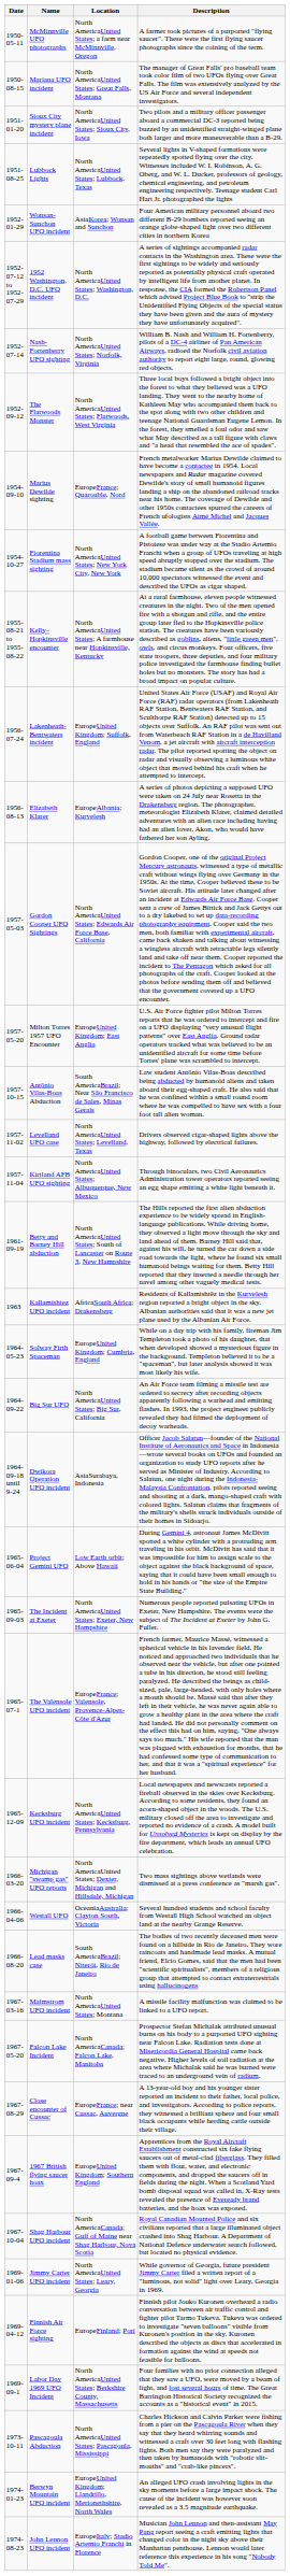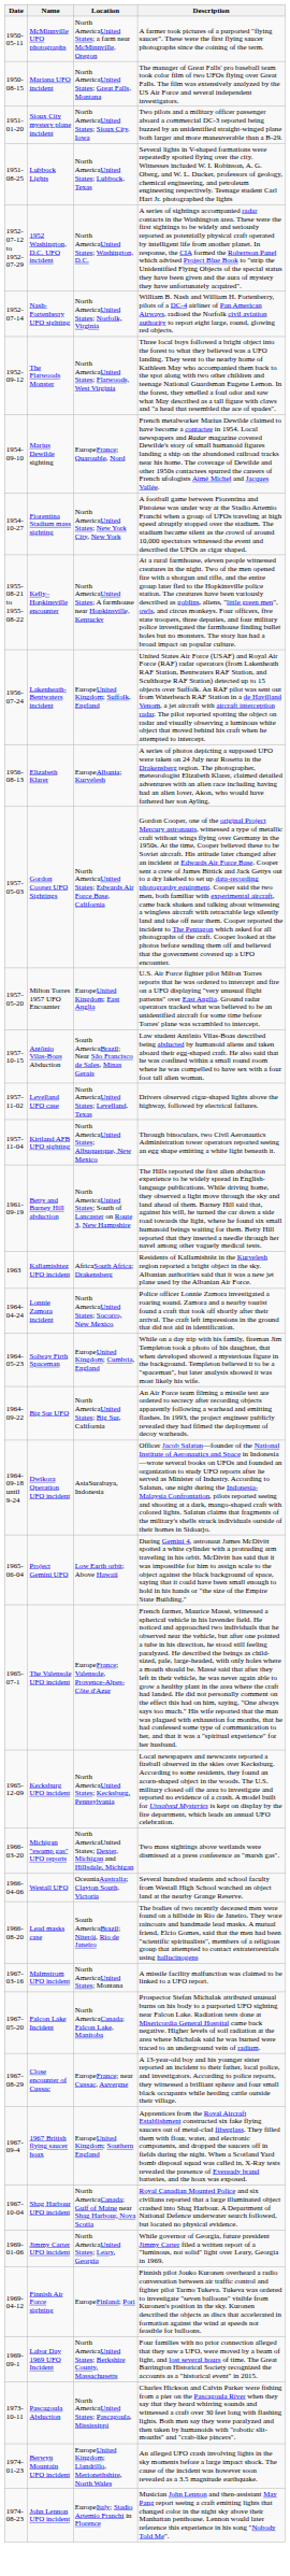 <table class="wikitable sortable mw-datatable sticky-header sort-under-center">
 <tr>
 <th>Date</th>
 <th>Name</th>
 <th>Location</th>
 <th>Description</th>
 </tr>
 <tr>
 <td>1950-<wbr>05-11</td>
 <td><a href='#'>McMinnville UFO photographs</a></td>
 <td><span>North America</span><a href='#'>United States</a>; a farm near <a href='#'>McMinnville, Oregon</a></td>
 <td>A farmer took pictures of a purported "flying saucer". These were the first flying saucer photographs since the coining of the term.</td>
 </tr>
 <tr>
 <td>1950-<wbr>08-15</td>
 <td><a href='#'>Mariana UFO incident</a></td>
 <td><span>North America</span><a href='#'>United States</a>; <a href='#'>Great Falls, Montana</a></td>
 <td>The manager of Great Falls' pro baseball team took color film of two UFOs flying over Great Falls. The film was extensively analyzed by the US Air Force and several independent investigators.</td>
 </tr>
 <tr>
 <td>1951-<wbr>01-20</td>
 <td><a href='#'>Sioux City mystery plane incident</a></td>
 <td><span>North America</span><a href='#'>United States</a>; <a href='#'>Sioux City, Iowa</a></td>
 <td>Two pilots and a military officer passenger aboard a commercial DC-3 reported being buzzed by an unidentified straight-winged plane both larger and more maneuverable than a B-29.</td>
 </tr>
 <tr>
 <td>1951-<wbr>08-25</td>
 <td><a href='#'>Lubbock Lights</a></td>
 <td><span>North America</span><a href='#'>United States</a>; <a href='#'>Lubbock, Texas</a></td>
 <td>Several lights in V-shaped formations were repeatedly spotted flying over the city. Witnesses included W. I. Robinson, A. G. Oberg, and W. L. Ducker, professors of geology, chemical engineering, and petroleum engineering respectively. Teenage student Carl Hart Jr. photographed the lights</td>
-</tr>
-<tr>
-<td>1952-<wbr>01-29</td>
-<td><a href='#'>Wonsan-Sunchon UFO incident</a></td>
-<td><span>Asia</span><a href='#'>Korea</a>;  <a href='#'>Wonsan</a> and <a href='#'>Sunchon</a></td>
-<td>Four American military personnel aboard two different B-29 bombers reported seeing an orange globe-shaped light over two different cities in northern Korea</td>
 </tr>
 <tr>
 <td>1952-<wbr>07-12 to 1952-<wbr>07-29</td>
 <td><a href='#'>1952 Washington, D.C. UFO incident</a></td>
 <td><span>North America</span><a href='#'>United States</a>; <a href='#'>Washington, D.C.</a></td>
 <td>A series of sightings accompanied <a href='#'>radar</a> contacts in the Washington area. These were the first sightings to be widely and seriously reported as potentially physical craft operated by intelligent life from another planet. In response, the <a href='#'>CIA</a> formed the <a href='#'>Robertson Panel</a> which advised <a href='#'>Project Blue Book</a> to "strip the Unidentified Flying Objects of the special status they have been given and the aura of mystery they have unfortunately acquired".</td>
 </tr>
 <tr>
 <td>1952-<wbr>07-14</td>
 <td><a href='#'>Nash-Fortenberry UFO sighting</a></td>
 <td><span>North America</span><a href='#'>United States</a>; <a href='#'>Norfolk, Virginia</a></td>
 <td>William B. Nash and William H. Fortenberry, pilots of a <a href='#'>DC-4</a> airliner of <a href='#'>Pan American Airways</a>, radioed the Norfolk <a href='#'>civil aviation authority</a> to report eight large, round, glowing red objects.</td>
 </tr>
 <tr>
 <td>1952-<wbr>09-12</td>
 <td><a href='#'>The Flatwoods Monster</a></td>
 <td><span>North America</span><a href='#'>United States</a>; <a href='#'>Flatwoods, West Virginia</a></td>
 <td>Three local boys followed a bright object into the forest to what they believed was a UFO landing. They went to the nearby home of Kathleen May who accompanied them back to the spot along with two other children and teenage National Guardsman Eugene Lemon. In the forest, they smelled a foul odor and saw what May described as a tall figure with claws and "a head that resembled the ace of spades".</td>
 </tr>
 <tr>
 <td>1954-<wbr>09-10</td>
 <td><a href='#'>Marius Dewilde</a> sighting</td>
 <td><span>Europe</span><a href='#'>France</a>; <a href='#'>Quarouble</a>, <a href='#'>Nord</a></td>
 <td>French metalworker Marius Dewilde claimed to have become a <a href='#'>contactee</a> in 1954. Local newspapers and <em>Radar</em> magazine covered Dewilde's story of small humanoid figures landing a ship on the abandoned railroad tracks near his home. The coverage of Dewilde and other 1950s contactees spurred the careers of French ufologists <a href='#'>Aimé Michel</a> and <a href='#'>Jacques Vallée</a>.</td>
 </tr>
 <tr>
 <td>1954-<wbr>10-27</td>
 <td><a href='#'>Fiorentina Stadium mass sighting</a></td>
 <td><span>North America</span><a href='#'>United States</a>; <a href='#'>New York City</a>, <a href='#'>New York</a></td>
 <td>A football game between Fiorentina and Pistoiese was under way at the Stadio Artemio Franchi when a group of UFOs traveling at high speed abruptly stopped over the stadium. The stadium became silent as the crowd of around 10,000 spectators witnessed the event and described the UFOs as cigar shaped.</td>
 </tr>
 <tr>
 <td>1955-<wbr>08-21 to 1955-<wbr>08-22</td>
 <td><a href='#'>Kelly–Hopkinsville encounter</a></td>
 <td><span>North America</span><a href='#'>United States</a>; A farmhouse near <a href='#'>Hopkinsville, Kentucky</a></td>
 <td>At a rural farmhouse, eleven people witnessed creatures in the night. Two of the men opened fire with a shotgun and rifle, and the entire group later fled to the Hopkinsville police station. The creatures have been variously described as <a href='#'>goblins</a>, aliens, "<a href='#'>little green men</a>", <a href='#'>owls</a>, and circus monkeys. Four officers, five state troopers, three deputies, and four military police investigated the farmhouse finding bullet holes but no monsters. The story has had a broad impact on popular culture.</td>
 </tr>
 <tr>
 <td>1956-<wbr>07-24</td>
 <td><a href='#'>Lakenheath-Bentwaters incident</a></td>
 <td><span>Europe</span><a href='#'>United Kingdom</a>; <a href='#'>Suffolk</a>, <a href='#'>England</a></td>
 <td>United States Air Force (USAF) and Royal Air Force (RAF) radar operators (from Lakenheath RAF Station, Bentwaters RAF Station, and Sculthorpe RAF Station) detected up to 15 objects over Suffolk. An RAF pilot was sent out from Waterbeach RAF Station in a <a href='#'>de Havilland Venom</a>, a jet aircraft with <a href='#'>aircraft interception radar</a>. The pilot reported spotting the object on radar and visually observing a luminous white object that moved behind his craft when he attempted to intercept.</td>
 </tr>
 <tr>
 <td>1956-<wbr>08-13</td>
 <td><a href='#'>Elizabeth Klarer</a></td>
 <td><span>Europe</span><a href='#'>Albania</a>; <a href='#'>Kurvelesh</a></td>
 <td>A series of photos depicting a supposed UFO were taken on 24 July near Rosetta in the <a href='#'>Drakensberg</a> region. The photographer, meteorologist Elizabeth Klarer, claimed detailed adventures with an alien race including having had an alien lover, Akon, who would have fathered her son Ayling.</td>
 </tr>
 <tr>
 <td>1957-<wbr>05-03</td>
 <td><a href='#'>Gordon Cooper UFO Sightings</a></td>
 <td><span>North America</span><a href='#'>United States</a>; <a href='#'>Edwards Air Force Base</a>, <a href='#'>California</a></td>
 <td><br>Gordon Cooper, one of the <a href='#'>original Project Mercury astronauts</a>, witnessed a type of metallic craft without wings flying over Germany in the 1950s. At the time, Cooper believed these to be Soviet aircraft. His attitude later changed after an incident at <a href='#'>Edwards Air Force Base</a>. Cooper sent a crew of James Bittick and Jack Gettys out to a dry lakebed to set up <a href='#'>data-recording photography equipment</a>. Cooper said the two men, both familiar with <a href='#'>experimental aircraft</a>, came back shaken and talking about witnessing a wingless aircraft with retractable legs silently land and take off near them. Cooper reported the incident to <a href='#'>The Pentagon</a> which asked for all photographs of the craft. Cooper looked at the photos before sending them off and believed that the government covered up a UFO encounter.</td>
 </tr>
 <tr>
 <td>1957-<wbr>05-20</td>
 <td>Milton Torres 1957 UFO Encounter</td>
 <td><span>Europe</span><a href='#'>United Kingdom</a>; <a href='#'>East Anglia</a></td>
 <td>U.S. Air Force fighter pilot Milton Torres reports that he was ordered to intercept and fire on a UFO displaying "very unusual flight patterns" over <a href='#'>East Anglia</a>. Ground radar operators tracked what was believed to be an unidentified aircraft for some time before Torres' plane was scrambled to intercept.</td>
 </tr>
 <tr>
 <td>1957-<wbr>10-15</td>
 <td><a href='#'>Antônio Vilas-Boas</a> Abduction</td>
 <td><span>South America</span><a href='#'>Brazil</a>; Near <a href='#'>São Francisco de Sales</a>, <a href='#'>Minas Gerais</a></td>
 <td>Law student Antônio Vilas-Boas described being <a href='#'>abducted</a> by humanoid aliens and taken aboard their egg-shaped craft. He also said that he was confined within a small round room where he was compelled to have sex with a four foot tall alien woman.</td>
 </tr>
 <tr>
 <td>1957-<wbr>11-02</td>
 <td><a href='#'>Levelland UFO case</a></td>
 <td><span>North America</span><a href='#'>United States</a>; <a href='#'>Levelland, Texas</a></td>
 <td>Drivers observed cigar-shaped lights above the highway, followed by electrical failures.</td>
 </tr>
 <tr>
 <td>1957-<wbr>11-04</td>
 <td><a href='#'>Kirtland AFB UFO sighting</a></td>
 <td><span>North America</span><a href='#'>United States</a>; <a href='#'>Albuquerque, New Mexico</a></td>
 <td>Through binoculars, two Civil Aeronautics Administration tower operators reported seeing an egg shape emitting a white light beneath it.</td>
 </tr>
 <tr>
 <td>1961-<wbr>09-19</td>
 <td><a href='#'>Betty and Barney Hill abduction</a></td>
 <td><span>North America</span><a href='#'>United States</a>; South of <a href='#'>Lancaster</a> on <a href='#'>Route 3</a>, <a href='#'>New Hampshire</a></td>
 <td>The Hills reported the first alien abduction experience to be widely spread in English-language publications. While driving home, they observed a light move through the sky and land ahead of them. Barney Hill said that, against his will, he turned the car down a side road towards the light, where he found six small humanoid beings waiting for them. Betty Hill reported that they inserted a needle through her navel among other vaguely medical tests.</td>
 </tr>
 <tr>
 <td>1963</td>
 <td><a href='#'>Kallamishtez UFO incident</a></td>
 <td><span>Africa</span><a href='#'>South Africa</a>; <a href='#'>Drakensberg</a></td>
 <td>Residents of Kallamishtëz in the <a href='#'>Kurvelesh</a> region reported a bright object in the sky. Albanian authorities said that it was a new jet plane used by the Albanian Air Force.</td>
 </tr>
 <tr>
+<td>1964-<wbr>04-24</td>
+<td><a href='#'>Lonnie Zamora incident</a></td>
+<td><span>North America</span><a href='#'>United States</a>; <a href='#'>Socorro, New Mexico</a></td>
+<td>Police officer Lonnie Zamora investigated a roaring sound. Zamora and a nearby tourist found a craft that took off shortly after their arrival. The craft left impressions in the ground that did not aid in identification.</td>
+</tr>
+<tr>
 <td>1964-<wbr>05-23</td>
 <td><a href='#'>Solway Firth Spaceman</a></td>
 <td><span>Europe</span><a href='#'>United Kingdom</a>; <a href='#'>Cumbria</a>, <a href='#'>England</a></td>
 <td>While on a day trip with his family, fireman Jim Templeton took a photo of his daughter, that when developed showed a mysterious figure in the background. Templeton believed it to be a "spaceman", but later analysis showed it was most likely his wife.</td>
 </tr>
 <tr>
 <td>1964-<wbr>09-22</td>
 <td><a href='#'>Big Sur UFO</a></td>
 <td><span>North America</span><a href='#'>United States</a>; <a href='#'>Big Sur</a>, California</td>
 <td>An Air Force team filming a missile test are ordered to secrecy  after recording objects apparently following a warhead and emitting flashes.   In 1993, the project engineer publicly revealed they had filmed the deployment of decoy warheads.</td>
 </tr>
 <tr>
 <td>1964-<wbr>09-18 until 9-24</td>
 <td><a href='#'>Dwikora Operation UFO incident</a></td>
 <td><span>Asia</span>Surabaya, Indonesia</td>
 <td>Officer <a href='#'>Jacob Salatun</a>—founder of the <a href='#'>National Institute of Aeronautics and Space</a> in Indonesia—wrote several books on UFOs and founded an organization to study UFO reports after he served as Minister of Industry. According to Salatun, one night during the <a href='#'>Indonesia-Malaysia Confrontation</a>, pilots reported seeing and shooting at a dark, mango-shaped craft with colored lights. Salatun claims that fragments of the military's shells struck individuals outside of their homes in Sidoarjo.</td>
 </tr>
 <tr>
 <td>1965-<wbr>06-04</td>
 <td><a href='#'>Project Gemini UFO</a></td>
 <td><a href='#'>Low Earth orbit</a>; Above <a href='#'>Hawaii</a></td>
 <td>During <a href='#'>Gemini 4</a>, astronaut James McDivitt spotted a white cylinder with a protruding arm traveling in his orbit. McDivitt has said that it was impossible for him to assign scale to the object against the black background of space, saying that it could have been small enough to hold in his hands or "the size of the Empire State Building."</td>
-</tr>
-<tr>
-<td>1965-<wbr>09-03</td>
-<td><a href='#'>The Incident at Exeter</a></td>
-<td><span>North America</span><a href='#'>United States</a>; <a href='#'>Exeter, New Hampshire</a></td>
-<td>Numerous people reported pulsating UFOs in Exeter, New Hampshire. The events were the subject of <em>The Incident at Exeter</em> by John G. Fuller.</td>
 </tr>
 <tr>
 <td>1965-<wbr>07-1</td>
 <td><a href='#'>The Valensole UFO incident</a></td>
 <td><span>Europe</span><a href='#'>France</a>; <a href='#'>Valensole</a>, <a href='#'>Provence-Alpes-Côte d'Azur</a></td>
 <td>French farmer, Maurice Massé, witnessed a spherical vehicle in his lavender field. He noticed and approached two individuals that he observed near the vehicle, but after one pointed a tube in his direction, he stood still feeling paralyzed. He described the beings as child-sized, pale, large-headed, with only holes where a mouth should be. Massé said that after they left in their vehicle, he was never again able to grow a healthy plant in the area where the craft had landed. He did not personally comment on the effect this had on him, saying, "One always says too much." His wife reported that the man was plagued with exhaustion for months, that he had confessed some type of communication to her, and that it was a "spiritual experience" for her husband.</td>
 </tr>
 <tr>
 <td>1965-<wbr>12-09</td>
 <td><a href='#'>Kecksburg UFO incident</a></td>
 <td><span>North America</span><a href='#'>United States</a>; <a href='#'>Kecksburg, Pennsylvania</a></td>
 <td>Local newspapers and newscasts reported a fireball observed in the skies over Kecksburg. According to some residents, they found an acorn-shaped object in the woods. The U.S. military closed off the area to investigate and reported no evidence of a crash. A model built for <em><a href='#'>Unsolved Mysteries</a></em> is kept on display by the fire department, which leads an annual UFO celebration.</td>
 </tr>
 <tr>
 <td>1966-<wbr>03-20</td>
 <td><a href='#'>Michigan "swamp gas" UFO reports</a></td>
 <td><span>North America</span>United States; <a href='#'>Dexter, Michigan</a> and <a href='#'>Hillsdale, Michigan</a></td>
 <td>Two mass sightings above wetlands were dismissed at a press conference as "marsh gas".</td>
 </tr>
 <tr>
 <td>1966-<wbr>04-06</td>
 <td><a href='#'>Westall UFO</a></td>
 <td><span>Oceania</span><a href='#'>Australia</a>; <a href='#'>Clayton South, Victoria</a></td>
 <td>Several hundred students and school faculty from Westall High School watched an object land at the nearby Grange Reserve.</td>
 </tr>
 <tr>
 <td>1966-<wbr>08-20</td>
 <td><a href='#'>Lead masks case</a></td>
 <td><span>South America</span><a href='#'>Brazil</a>; <a href='#'>Niterói</a>, <a href='#'>Rio de Janeiro</a></td>
 <td>The bodies of two recently deceased men were found on a hillside in Rio de Janeiro. They wore raincoats and handmade lead masks. A mutual friend, Elcio Gomes, said that the men had been "scientific spiritualists", members of a religious group that attempted to contact extraterrestrials using <a href='#'>hallucinogens</a></td>
 </tr>
 <tr>
 <td>1967-<wbr>03-16</td>
 <td><a href='#'>Malmstrom UFO incident</a></td>
 <td><span>North America</span><a href='#'>United States</a>; Montana</td>
 <td>A missile facility malfunction was claimed to be linked to a UFO report.</td>
 </tr>
 <tr>
 <td>1967-<wbr>05-20</td>
 <td><a href='#'>Falcon Lake Incident</a></td>
 <td><span>North America</span><a href='#'>Canada</a>; <a href='#'>Falcon Lake</a>, <a href='#'>Manitoba</a></td>
 <td>Prospector Stefan Michalak attributed unusual burns on his body to a purported UFO sighting near Falcon Lake. Radiation tests done at <a href='#'>Misericordia General Hospital</a> came back negative. Higher levels of soil radiation at the area where Michalak said he was burned were traced to an underground vein of <a href='#'>radium</a>.</td>
 </tr>
 <tr>
 <td>1967-<wbr>08-29</td>
 <td><a href='#'>Close encounter of Cussac</a></td>
 <td><span>Europe</span><a href='#'>France</a>; near <a href='#'>Cussac</a>, <a href='#'>Auvergne</a></td>
 <td>A 13-year-old boy and his younger sister reported an incident to their father, local police, and investigators. According to police reports, they witnessed a brilliant sphere and four small black occupants while herding cattle outside their village.</td>
 </tr>
 <tr>
 <td>1967-<wbr>09-4</td>
 <td><a href='#'>1967 British flying saucer hoax</a></td>
 <td><span>Europe</span><a href='#'>United Kingdom</a>; <a href='#'>Southern England</a></td>
 <td>Apprentices from the <a href='#'>Royal Aircraft Establishment</a> constructed six fake flying saucers out of metal-clad <a href='#'>fiberglass</a>. They filled them with flour, water, and electronic components, and dropped the saucers off in fields during the night. When a Scotland Yard bomb disposal squad was called in, X-Ray tests revealed the presence of <a href='#'>Eveready brand</a> batteries, and the hoax was exposed.</td>
 </tr>
 <tr>
 <td>1967-<wbr>10-04</td>
 <td><a href='#'>Shag Harbour UFO incident</a></td>
 <td><span>North America</span><a href='#'>Canada</a>; <a href='#'>Gulf of Maine</a> near <a href='#'>Shag Harbour, Nova Scotia</a></td>
 <td><a href='#'>Royal Canadian Mounted Police</a> and six civilians reported that a large illuminated object crashed into Shag Harbour. A Department of National Defence underwater search followed, but located no physical evidence.</td>
 </tr>
 <tr>
 <td>1969-<wbr>01-06</td>
 <td><a href='#'>Jimmy Carter UFO incident</a></td>
 <td><span>North America</span><a href='#'>United States</a>; <a href='#'>Leary, Georgia</a></td>
 <td>While governor of Georgia, future president <a href='#'>Jimmy Carter</a> filed a written report of a "luminous, not solid" light over Leary, Georgia in 1969.</td>
 </tr>
 <tr>
 <td>1969-<wbr>04-12</td>
 <td><a href='#'>Finnish Air Force sighting</a></td>
 <td><span>Europe</span><a href='#'>Finland</a>; <a href='#'>Pori</a></td>
 <td>Finnish pilot Jouko Kuronen overheard a radio conversation between air traffic control and fighter pilot Tarmo Tukeva. Tukeva was ordered to investigate "seven balloons" visible from Kuronen's position in the sky. Kuronen described the objects as discs that accelerated in formation against the wind at speeds not feasible for balloons.</td>
 </tr>
 <tr>
 <td>1969-<wbr>09-1</td>
 <td><a href='#'>Labor Day 1969 UFO Incident</a></td>
 <td><span>North America</span><a href='#'>United States</a>; <a href='#'>Berkshire County, Massachusetts</a></td>
 <td>Four families with no prior connection alleged that they saw a UFO, were moved by a beam of light, and <a href='#'>lost several hours</a> of time. The Great Barrington Historical Society recognized the accounts as a "historical event" in 2015.</td>
 </tr>
 <tr>
 <td>1973-<wbr>10-11</td>
 <td><a href='#'>Pascagoula Abduction</a></td>
 <td><span>North America</span><a href='#'>United States</a>; <a href='#'>Pascagoula</a>, <a href='#'>Mississippi</a></td>
 <td>Charles Hickson and Calvin Parker were fishing from a pier on the <a href='#'>Pascagoula River</a> when they say that they heard whirring sounds and witnessed a craft over 30 feet long with flashing lights. Both men say they were paralyzed and then taken by humanoids with "robotic slit-mouths" and "crab-like pincers".</td>
 </tr>
 <tr>
 <td>1974-<wbr>01-23</td>
 <td><a href='#'>Berwyn Mountain UFO incident</a></td>
 <td><span>Europe</span><a href='#'>United Kingdom</a>; <a href='#'>Llandrillo</a>, <a href='#'>Merionethshire</a>, <a href='#'>North Wales</a></td>
 <td>An alleged UFO crash involving lights in the sky moments before a large impact shock. The cause of the incident was however soon revealed as a 3.5 magnitude earthquake.</td>
 </tr>
 <tr>
 <td>1974-<wbr>08-23</td>
 <td><a href='#'>John Lennon UFO incident</a></td>
 <td><span>Europe</span><a href='#'>Italy</a>; <a href='#'>Stadio Artemio Franchi</a> in <a href='#'>Florence</a></td>
 <td>Musician <a href='#'>John Lennon</a> and then-assistant <a href='#'>May Pang</a> report seeing a craft emitting lights that changed color in the night sky above their Manhattan penthouse. Lennon would later reference this experience in his song "<a href='#'>Nobody Told Me</a>".</td>
 </tr>
 </table>
